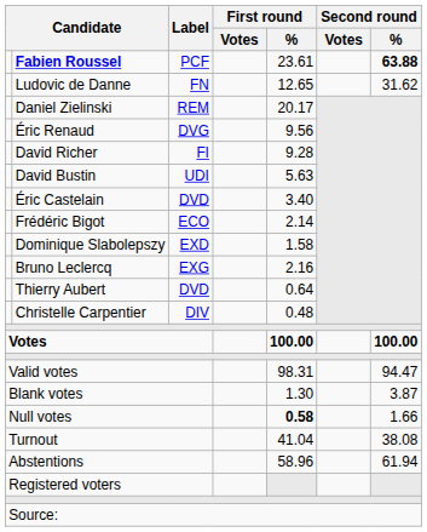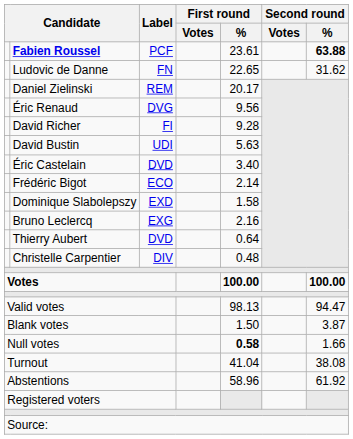 <table class="wikitable" style="text-align:right;font-size:95%;">
 <tr>
 <th rowspan="2" colspan="2">Candidate</th>
 <th rowspan="2">Label</th>
 <th colspan="2">First round</th>
 <th colspan="2">Second round</th>
 </tr>
 <tr>
 <th style="width:50px;">Votes</th>
 <th style="width:45px;">%</th>
 <th style="width:50px;">Votes</th>
 <th style="width:45px;">%</th>
 </tr>
 <tr>
 <td style="color:inherit;background:"></td>
 <td style="text-align:left;"><strong><a href='#'>Fabien Roussel</a></strong></td>
 <td><a href='#'>PCF</a></td>
 <td></td>
 <td>23.61</td>
 <td><strong></strong></td>
 <td><strong>63.88</strong></td>
 </tr>
 <tr>
 <td style="color:inherit;background:"></td>
 <td style="text-align:left;">Ludovic de Danne</td>
 <td><a href='#'>FN</a></td>
 <td></td>
-<td>12.65</td>
+<td>22.65</td>
 <td></td>
 <td>31.62</td>
 </tr>
 <tr>
 <td style="color:inherit;background:"></td>
 <td style="text-align:left;">Daniel Zielinski</td>
 <td><a href='#'>REM</a></td>
 <td></td>
 <td>20.17</td>
 <td colspan="2" rowspan="10" style="background:#E9E9E9;"></td>
 </tr>
 <tr>
 <td style="color:inherit;background:"></td>
 <td style="text-align:left;">Éric Renaud</td>
 <td><a href='#'>DVG</a></td>
 <td></td>
 <td>9.56</td>
 </tr>
 <tr>
 <td style="color:inherit;background:"></td>
 <td style="text-align:left;">David Richer</td>
 <td><a href='#'>FI</a></td>
 <td></td>
 <td>9.28</td>
 </tr>
 <tr>
 <td style="color:inherit;background:"></td>
 <td style="text-align:left;">David Bustin</td>
 <td><a href='#'>UDI</a></td>
 <td></td>
 <td>5.63</td>
 </tr>
 <tr>
 <td style="color:inherit;background:"></td>
 <td style="text-align:left;">Éric Castelain</td>
 <td><a href='#'>DVD</a></td>
 <td></td>
 <td>3.40</td>
 </tr>
 <tr>
 <td style="color:inherit;background:"></td>
 <td style="text-align:left;">Frédéric Bigot</td>
 <td><a href='#'>ECO</a></td>
 <td></td>
 <td>2.14</td>
 </tr>
 <tr>
 <td style="color:inherit;background:"></td>
 <td style="text-align:left;">Dominique Slabolepszy</td>
 <td><a href='#'>EXD</a></td>
 <td></td>
 <td>1.58</td>
 </tr>
 <tr>
 <td style="color:inherit;background:"></td>
 <td style="text-align:left;">Bruno Leclercq</td>
 <td><a href='#'>EXG</a></td>
 <td></td>
 <td>2.16</td>
 </tr>
 <tr>
 <td style="color:inherit;background:"></td>
 <td style="text-align:left;">Thierry Aubert</td>
 <td><a href='#'>DVD</a></td>
 <td></td>
 <td>0.64</td>
 </tr>
 <tr>
 <td style="color:inherit;background:"></td>
 <td style="text-align:left;">Christelle Carpentier</td>
 <td><a href='#'>DIV</a></td>
 <td></td>
 <td>0.48</td>
 </tr>
 <tr>
 <td colspan="7" style="background:#E9E9E9;"></td>
 </tr>
 <tr style="font-weight:bold;">
 <td colspan="3" style="text-align:left;">Votes</td>
 <td></td>
 <td>100.00</td>
 <td></td>
 <td>100.00</td>
 </tr>
 <tr>
 <td colspan="7" style="background:#E9E9E9;"></td>
 </tr>
 <tr>
 <td colspan="3" style="text-align:left;">Valid votes</td>
 <td></td>
-<td>98.31</td>
+<td>98.13</td>
 <td></td>
 <td>94.47</td>
 </tr>
 <tr>
 <td colspan="3" style="text-align:left;">Blank votes</td>
 <td></td>
-<td>1.30</td>
+<td>1.50</td>
 <td></td>
 <td>3.87</td>
 </tr>
 <tr>
 <td colspan="3" style="text-align:left;">Null votes</td>
 <td></td>
 <td><strong>0.58</strong></td>
 <td></td>
 <td>1.66</td>
 </tr>
 <tr>
 <td colspan="3" style="text-align:left;">Turnout</td>
 <td></td>
 <td>41.04</td>
 <td></td>
 <td>38.08</td>
 </tr>
 <tr>
 <td colspan="3" style="text-align:left;">Abstentions</td>
 <td></td>
 <td>58.96</td>
 <td></td>
-<td>61.94</td>
+<td>61.92</td>
 </tr>
 <tr>
 <td colspan="3" style="text-align:left;">Registered voters</td>
 <td></td>
 <td style="color:inherit;background:#E9E9E9;"></td>
 <td></td>
 <td style="color:inherit;background:#E9E9E9;"></td>
 </tr>
 <tr>
 <td colspan="7" style="background:#E9E9E9;"></td>
 </tr>
 <tr>
 <td colspan="7" style="text-align:left;">Source: </td>
 </tr>
 </table>
